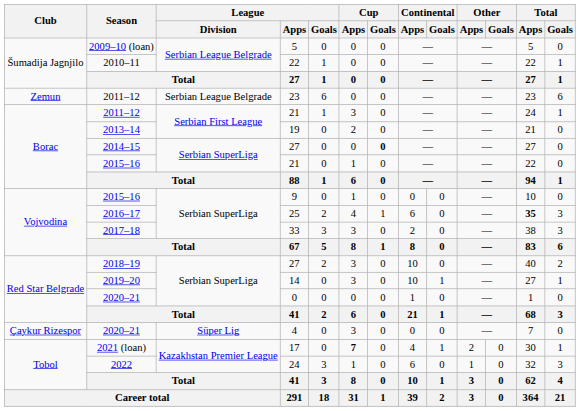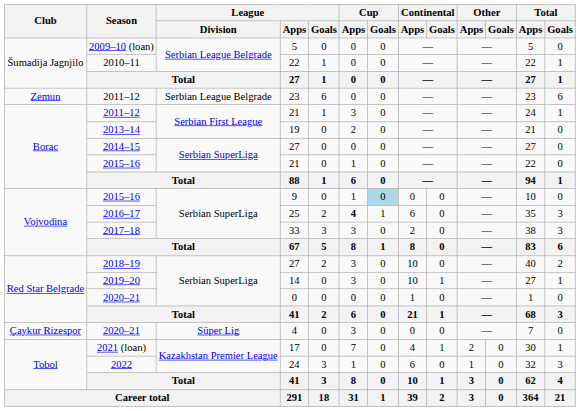 <table class="wikitable" style="text-align: center">
 <tr>
 <th rowspan="2">Club</th>
 <th rowspan="2">Season</th>
 <th colspan="3">League</th>
 <th colspan="2">Cup</th>
 <th colspan="2">Continental</th>
 <th colspan="2">Other</th>
 <th colspan="2">Total</th>
 </tr>
 <tr>
 <th>Division</th>
 <th>Apps</th>
 <th>Goals</th>
 <th>Apps</th>
 <th>Goals</th>
 <th>Apps</th>
 <th>Goals</th>
 <th>Apps</th>
 <th>Goals</th>
 <th>Apps</th>
 <th>Goals</th>
 </tr>
 <tr>
 <td rowspan="3">Šumadija Jagnjilo</td>
 <td><a href='#'>2009–10</a> (loan)</td>
 <td rowspan="2"><a href='#'>Serbian League Belgrade</a></td>
 <td>5</td>
 <td>0</td>
 <td>0</td>
 <td>0</td>
 <td colspan="2">—</td>
 <td colspan="2">—</td>
 <td>5</td>
 <td>0</td>
 </tr>
 <tr>
 <td>2010–11</td>
 <td>22</td>
 <td>1</td>
 <td>0</td>
 <td>0</td>
 <td colspan="2">—</td>
 <td colspan="2">—</td>
 <td>22</td>
 <td>1</td>
 </tr>
 <tr>
 <th colspan="2">Total</th>
 <th>27</th>
 <th>1</th>
 <th>0</th>
 <th>0</th>
 <th colspan="2">—</th>
 <th colspan="2">—</th>
 <th>27</th>
 <th>1</th>
 </tr>
 <tr>
 <td><a href='#'>Zemun</a></td>
 <td>2011–12</td>
 <td>Serbian League Belgrade</td>
 <td>23</td>
 <td>6</td>
 <td>0</td>
 <td>0</td>
 <td colspan="2">—</td>
 <td colspan="2">—</td>
 <td>23</td>
 <td>6</td>
 </tr>
 <tr>
 <td rowspan="5"><a href='#'>Borac</a></td>
 <td><a href='#'>2011–12</a></td>
 <td rowspan="2"><a href='#'>Serbian First League</a></td>
 <td>21</td>
 <td>1</td>
 <td>3</td>
 <td>0</td>
 <td colspan="2">—</td>
 <td colspan="2">—</td>
 <td>24</td>
 <td>1</td>
 </tr>
 <tr>
 <td><a href='#'>2013–14</a></td>
 <td>19</td>
 <td>0</td>
 <td>2</td>
 <td>0</td>
 <td colspan="2">—</td>
 <td colspan="2">—</td>
 <td>21</td>
 <td>0</td>
 </tr>
 <tr>
 <td><a href='#'>2014–15</a></td>
 <td rowspan="2"><a href='#'>Serbian SuperLiga</a></td>
 <td>27</td>
 <td>0</td>
 <td>0</td>
-<td><strong>0</strong></td>
+<td>0</td>
 <td colspan="2">—</td>
 <td colspan="2">—</td>
 <td>27</td>
 <td>0</td>
 </tr>
 <tr>
 <td><a href='#'>2015–16</a></td>
 <td>21</td>
 <td>0</td>
 <td>1</td>
 <td>0</td>
 <td colspan="2">—</td>
 <td colspan="2">—</td>
 <td>22</td>
 <td>0</td>
 </tr>
 <tr>
 <th colspan="2">Total</th>
 <th>88</th>
 <th>1</th>
 <th>6</th>
 <th>0</th>
 <th colspan="2">—</th>
 <th colspan="2">—</th>
 <th>94</th>
 <th>1</th>
 </tr>
 <tr>
 <td rowspan="4"><a href='#'>Vojvodina</a></td>
 <td><a href='#'>2015–16</a></td>
 <td rowspan="3">Serbian SuperLiga</td>
 <td>9</td>
 <td>0</td>
 <td>1</td>
-<td>0</td>
+<td style="background: lightblue;">0</td>
 <td>0</td>
 <td>0</td>
 <td colspan="2">—</td>
 <td>10</td>
 <td>0</td>
 </tr>
 <tr>
 <td><a href='#'>2016–17</a></td>
 <td>25</td>
 <td>2</td>
-<td>4</td>
+<td><strong>4</strong></td>
 <td>1</td>
 <td>6</td>
 <td>0</td>
 <td colspan="2">—</td>
-<td><strong>35</strong></td>
+<td>35</td>
 <td>3</td>
 </tr>
 <tr>
 <td><a href='#'>2017–18</a></td>
 <td>33</td>
 <td>3</td>
 <td>3</td>
 <td>0</td>
 <td>2</td>
 <td>0</td>
 <td colspan="2">—</td>
 <td>38</td>
 <td>3</td>
 </tr>
 <tr>
 <th colspan="2">Total</th>
 <th>67</th>
 <th>5</th>
 <th>8</th>
 <th>1</th>
 <th>8</th>
 <th>0</th>
 <th colspan="2">—</th>
 <th>83</th>
 <th>6</th>
 </tr>
 <tr>
 <td rowspan="4"><a href='#'>Red Star Belgrade</a></td>
 <td><a href='#'>2018–19</a></td>
 <td rowspan="3">Serbian SuperLiga</td>
 <td>27</td>
 <td>2</td>
 <td>3</td>
 <td>0</td>
 <td>10</td>
 <td>0</td>
 <td colspan="2">—</td>
 <td>40</td>
 <td>2</td>
 </tr>
 <tr>
 <td><a href='#'>2019–20</a></td>
 <td>14</td>
 <td>0</td>
 <td>3</td>
 <td>0</td>
 <td>10</td>
 <td>1</td>
 <td colspan="2">—</td>
 <td>27</td>
 <td>1</td>
 </tr>
 <tr>
 <td><a href='#'>2020–21</a></td>
 <td>0</td>
 <td>0</td>
 <td>0</td>
 <td>0</td>
 <td>1</td>
 <td>0</td>
 <td colspan="2">—</td>
 <td>1</td>
 <td>0</td>
 </tr>
 <tr>
 <th colspan="2">Total</th>
 <th>41</th>
 <th>2</th>
 <th>6</th>
 <th>0</th>
 <th>21</th>
 <th>1</th>
 <th colspan="2">—</th>
 <th>68</th>
 <th>3</th>
 </tr>
 <tr>
 <td><a href='#'>Çaykur Rizespor</a></td>
 <td><a href='#'>2020–21</a></td>
 <td><a href='#'>Süper Lig</a></td>
 <td>4</td>
 <td>0</td>
 <td>3</td>
 <td>0</td>
 <td>0</td>
 <td>0</td>
 <td colspan="2">—</td>
 <td>7</td>
 <td>0</td>
 </tr>
 <tr>
 <td rowspan="3"><a href='#'>Tobol</a></td>
 <td><a href='#'>2021</a> (loan)</td>
 <td rowspan="2"><a href='#'>Kazakhstan Premier League</a></td>
 <td>17</td>
 <td>0</td>
-<td><strong>7</strong></td>
+<td>7</td>
 <td>0</td>
 <td>4</td>
 <td>1</td>
 <td>2</td>
 <td>0</td>
 <td>30</td>
 <td>1</td>
 </tr>
 <tr>
 <td><a href='#'>2022</a></td>
 <td>24</td>
 <td>3</td>
 <td>1</td>
 <td>0</td>
 <td>6</td>
 <td>0</td>
 <td>1</td>
 <td>0</td>
 <td>32</td>
 <td>3</td>
 </tr>
 <tr>
 <th colspan="2">Total</th>
 <th>41</th>
 <th>3</th>
 <th>8</th>
 <th>0</th>
 <th>10</th>
 <th>1</th>
 <th>3</th>
 <th>0</th>
 <th>62</th>
 <th>4</th>
 </tr>
 <tr>
 <th colspan="3">Career total</th>
 <th>291</th>
 <th>18</th>
 <th>31</th>
 <th>1</th>
 <th>39</th>
 <th>2</th>
 <th>3</th>
 <th>0</th>
 <th>364</th>
 <th>21</th>
 </tr>
 </table>
